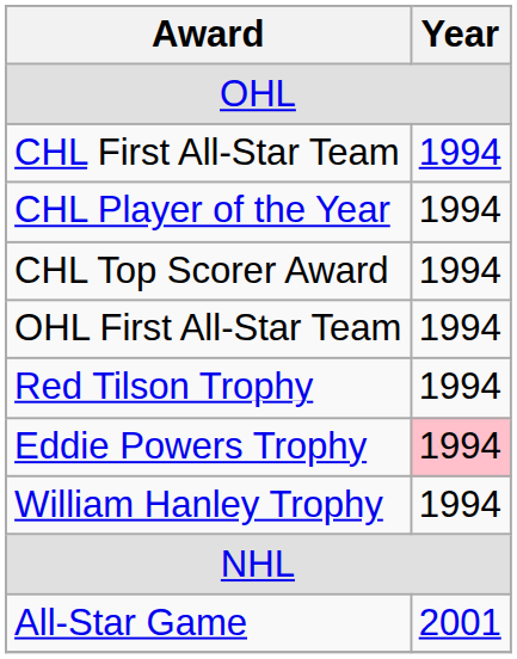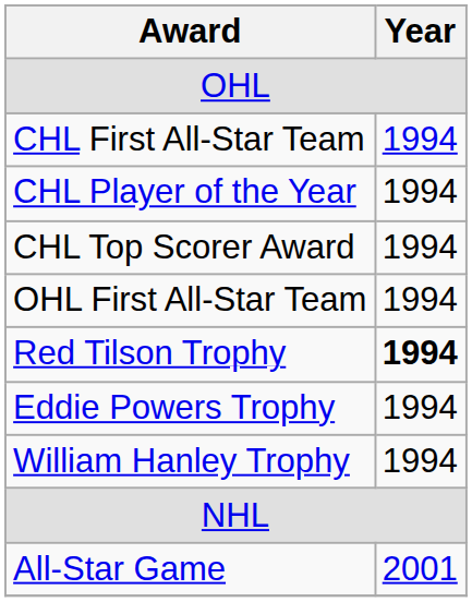 <table class="wikitable">
 <tr>
 <th>Award</th>
 <th>Year</th>
 </tr>
 <tr ALIGN="center" bgcolor="#e0e0e0">
 <td colspan="2"><a href='#'>OHL</a></td>
 </tr>
 <tr>
 <td><a href='#'>CHL</a> First All-Star Team</td>
 <td><a href='#'>1994</a></td>
 </tr>
 <tr>
 <td><a href='#'>CHL Player of the Year</a></td>
 <td>1994</td>
 </tr>
 <tr>
 <td>CHL Top Scorer Award</td>
 <td>1994</td>
 </tr>
 <tr>
 <td>OHL First All-Star Team</td>
 <td>1994</td>
 </tr>
 <tr>
 <td><a href='#'>Red Tilson Trophy</a></td>
-<td>1994</td>
+<td><strong>1994</strong></td>
 </tr>
 <tr>
 <td><a href='#'>Eddie Powers Trophy</a></td>
-<td style="background: pink;">1994</td>
+<td>1994</td>
 </tr>
 <tr>
 <td><a href='#'>William Hanley Trophy</a></td>
 <td>1994</td>
 </tr>
 <tr ALIGN="center" bgcolor="#e0e0e0">
 <td colspan="2"><a href='#'>NHL</a></td>
 </tr>
 <tr>
 <td><a href='#'>All-Star Game</a></td>
 <td><a href='#'>2001</a></td>
 </tr>
 <tr>
 </tr>
 </table>
